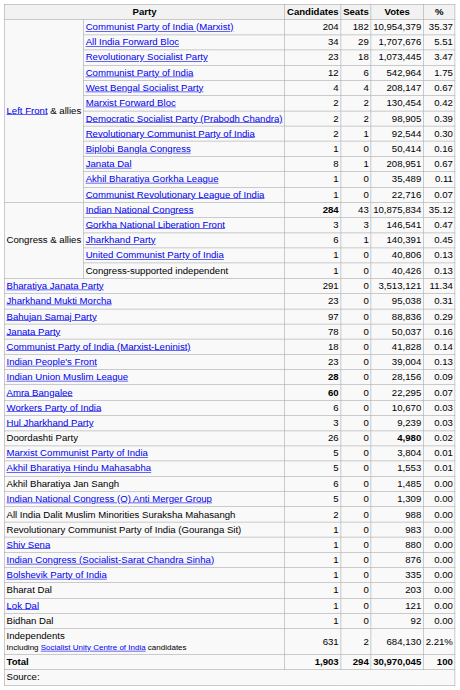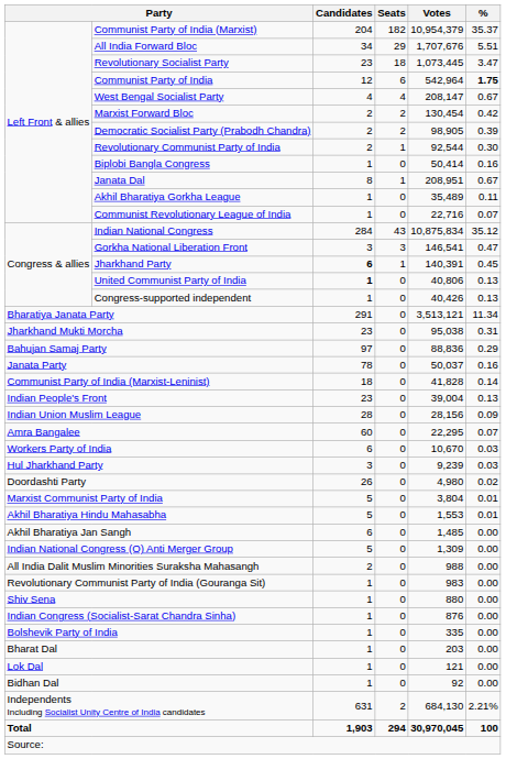 <table class=wikitable style=text-align:right>
 <tr>
 <th colspan=2>Party</th>
 <th>Candidates</th>
 <th>Seats</th>
 <th>Votes</th>
 <th>%</th>
 </tr>
 <tr>
 <td rowspan=12 align=left><a href='#'>Left Front</a> & allies</td>
 <td align=left><a href='#'>Communist Party of India (Marxist)</a><br></td>
 <td>204</td>
 <td>182</td>
 <td>10,954,379</td>
 <td>35.37</td>
 </tr>
 <tr>
 <td align=left><a href='#'>All India Forward Bloc</a></td>
 <td>34</td>
 <td>29</td>
 <td>1,707,676</td>
 <td>5.51</td>
 </tr>
 <tr>
 <td align=left><a href='#'>Revolutionary Socialist Party</a></td>
 <td>23</td>
 <td>18</td>
 <td>1,073,445</td>
 <td>3.47</td>
 </tr>
 <tr>
 <td align=left><a href='#'>Communist Party of India</a></td>
 <td>12</td>
 <td>6</td>
 <td>542,964</td>
-<td>1.75</td>
+<td><strong>1.75</strong></td>
 </tr>
 <tr>
 <td align=left><a href='#'>West Bengal Socialist Party</a></td>
 <td>4</td>
 <td>4</td>
 <td>208,147</td>
 <td>0.67</td>
 </tr>
 <tr>
 <td align=left><a href='#'>Marxist Forward Bloc</a></td>
 <td>2</td>
 <td>2</td>
 <td>130,454</td>
 <td>0.42</td>
 </tr>
 <tr>
 <td align=left><a href='#'>Democratic Socialist Party (Prabodh Chandra)</a></td>
 <td>2</td>
 <td>2</td>
 <td>98,905</td>
 <td>0.39</td>
 </tr>
 <tr>
 <td align=left><a href='#'>Revolutionary Communist Party of India</a></td>
 <td>2</td>
 <td>1</td>
 <td>92,544</td>
 <td>0.30</td>
 </tr>
 <tr>
 <td align=left><a href='#'>Biplobi Bangla Congress</a></td>
 <td>1</td>
 <td>0</td>
 <td>50,414</td>
 <td>0.16</td>
 </tr>
 <tr>
 <td align=left><a href='#'>Janata Dal</a></td>
 <td>8</td>
 <td>1</td>
 <td>208,951</td>
 <td>0.67</td>
 </tr>
 <tr>
 <td align=left><a href='#'>Akhil Bharatiya Gorkha League</a></td>
 <td>1</td>
 <td>0</td>
 <td>35,489</td>
 <td>0.11</td>
 </tr>
 <tr>
 <td align=left><a href='#'>Communist Revolutionary League of India</a></td>
 <td>1</td>
 <td>0</td>
 <td>22,716</td>
 <td>0.07</td>
 </tr>
 <tr>
 <td rowspan=5 align=left>Congress & allies</td>
 <td align=left><a href='#'>Indian National Congress</a></td>
-<td><strong>284</strong></td>
+<td>284</td>
 <td>43</td>
 <td>10,875,834</td>
 <td>35.12</td>
 </tr>
 <tr>
 <td align=left><a href='#'>Gorkha National Liberation Front</a></td>
 <td>3</td>
 <td>3</td>
 <td>146,541</td>
 <td>0.47</td>
 </tr>
 <tr>
 <td align=left><a href='#'>Jharkhand Party</a></td>
-<td>6</td>
+<td><strong>6</strong></td>
 <td>1</td>
 <td>140,391</td>
 <td>0.45</td>
 </tr>
 <tr>
 <td align=left><a href='#'>United Communist Party of India</a></td>
-<td>1</td>
+<td><strong>1</strong></td>
 <td>0</td>
 <td>40,806</td>
 <td>0.13</td>
 </tr>
 <tr>
 <td align=left>Congress-supported independent</td>
 <td>1</td>
 <td>0</td>
 <td>40,426</td>
 <td>0.13</td>
 </tr>
 <tr>
 <td colspan=2 align=left><a href='#'>Bharatiya Janata Party</a></td>
 <td>291</td>
 <td>0</td>
 <td>3,513,121</td>
 <td>11.34</td>
 </tr>
 <tr>
 <td colspan=2 align=left><a href='#'>Jharkhand Mukti Morcha</a></td>
 <td>23</td>
 <td>0</td>
 <td>95,038</td>
 <td>0.31</td>
 </tr>
 <tr>
 <td colspan=2 align=left><a href='#'>Bahujan Samaj Party</a></td>
 <td>97</td>
 <td>0</td>
 <td>88,836</td>
 <td>0.29</td>
 </tr>
 <tr>
 <td colspan=2 align=left><a href='#'>Janata Party</a></td>
 <td>78</td>
 <td>0</td>
 <td>50,037</td>
 <td>0.16</td>
 </tr>
 <tr>
 <td colspan=2 align=left><a href='#'>Communist Party of India (Marxist-Leninist)</a></td>
 <td>18</td>
 <td>0</td>
 <td>41,828</td>
 <td>0.14</td>
 </tr>
 <tr>
 <td colspan=2 align=left><a href='#'>Indian People's Front</a></td>
 <td>23</td>
 <td>0</td>
 <td>39,004</td>
 <td>0.13</td>
 </tr>
 <tr>
 <td colspan=2 align=left><a href='#'>Indian Union Muslim League</a></td>
-<td><strong>28</strong></td>
+<td>28</td>
 <td>0</td>
 <td>28,156</td>
 <td>0.09</td>
 </tr>
 <tr>
 <td colspan=2 align=left><a href='#'>Amra Bangalee</a></td>
-<td><strong>60</strong></td>
+<td>60</td>
 <td>0</td>
 <td>22,295</td>
 <td>0.07</td>
 </tr>
 <tr>
 <td colspan=2 align=left><a href='#'>Workers Party of India</a></td>
 <td>6</td>
 <td>0</td>
 <td>10,670</td>
 <td>0.03</td>
 </tr>
 <tr>
 <td colspan=2 align=left><a href='#'>Hul Jharkhand Party</a></td>
 <td>3</td>
 <td>0</td>
 <td>9,239</td>
 <td>0.03</td>
 </tr>
 <tr>
 <td colspan=2 align=left>Doordashti Party</td>
 <td>26</td>
 <td>0</td>
-<td><strong>4,980</strong></td>
+<td>4,980</td>
 <td>0.02</td>
 </tr>
 <tr>
 <td colspan=2 align=left><a href='#'>Marxist Communist Party of India</a></td>
 <td>5</td>
 <td>0</td>
 <td>3,804</td>
 <td>0.01</td>
 </tr>
 <tr>
 <td colspan=2 align=left><a href='#'>Akhil Bharatiya Hindu Mahasabha</a></td>
 <td>5</td>
 <td>0</td>
 <td>1,553</td>
 <td>0.01</td>
 </tr>
 <tr>
 <td colspan=2 align=left>Akhil Bharatiya Jan Sangh</td>
 <td>6</td>
 <td>0</td>
 <td>1,485</td>
 <td>0.00</td>
 </tr>
 <tr>
 <td colspan=2 align=left><a href='#'>Indian National Congress (O) Anti Merger Group</a></td>
 <td>5</td>
 <td>0</td>
 <td>1,309</td>
 <td>0.00</td>
 </tr>
 <tr>
 <td colspan=2 align=left>All India Dalit Muslim Minorities Suraksha Mahasangh</td>
 <td>2</td>
 <td>0</td>
 <td>988</td>
 <td>0.00</td>
 </tr>
 <tr>
 <td colspan=2 align=left>Revolutionary Communist Party of India (Gouranga Sit)</td>
 <td>1</td>
 <td>0</td>
 <td>983</td>
 <td>0.00</td>
 </tr>
 <tr>
 <td colspan=2 align=left><a href='#'>Shiv Sena</a></td>
 <td>1</td>
 <td>0</td>
 <td>880</td>
 <td>0.00</td>
 </tr>
 <tr>
 <td colspan=2 align=left><a href='#'>Indian Congress (Socialist-Sarat Chandra Sinha)</a></td>
 <td>1</td>
 <td>0</td>
 <td>876</td>
 <td>0.00</td>
 </tr>
 <tr>
 <td colspan=2 align=left><a href='#'>Bolshevik Party of India</a></td>
 <td>1</td>
 <td>0</td>
 <td>335</td>
 <td>0.00</td>
 </tr>
 <tr>
 <td colspan=2 align=left>Bharat Dal</td>
 <td>1</td>
 <td>0</td>
 <td>203</td>
 <td>0.00</td>
 </tr>
 <tr>
 <td colspan=2 align=left><a href='#'>Lok Dal</a></td>
 <td>1</td>
 <td>0</td>
 <td>121</td>
 <td>0.00</td>
 </tr>
 <tr>
 <td colspan=2 align=left>Bidhan Dal</td>
 <td>1</td>
 <td>0</td>
 <td>92</td>
 <td>0.00</td>
 </tr>
 <tr>
 <td colspan=2 align=left>Independents<br><small>Including <a href='#'>Socialist Unity Centre of India</a> candidates</small></td>
 <td>631</td>
 <td>2</td>
 <td>684,130</td>
 <td>2.21%</td>
 </tr>
 <tr>
 <td colspan=2 align=left><strong>Total</strong></td>
 <td><strong>1,903</strong></td>
 <td><strong>294</strong></td>
 <td><strong>30,970,045</strong></td>
 <td><strong>100</strong></td>
 </tr>
 <tr>
 <td align=left colspan=6>Source: </td>
 </tr>
 </table>
